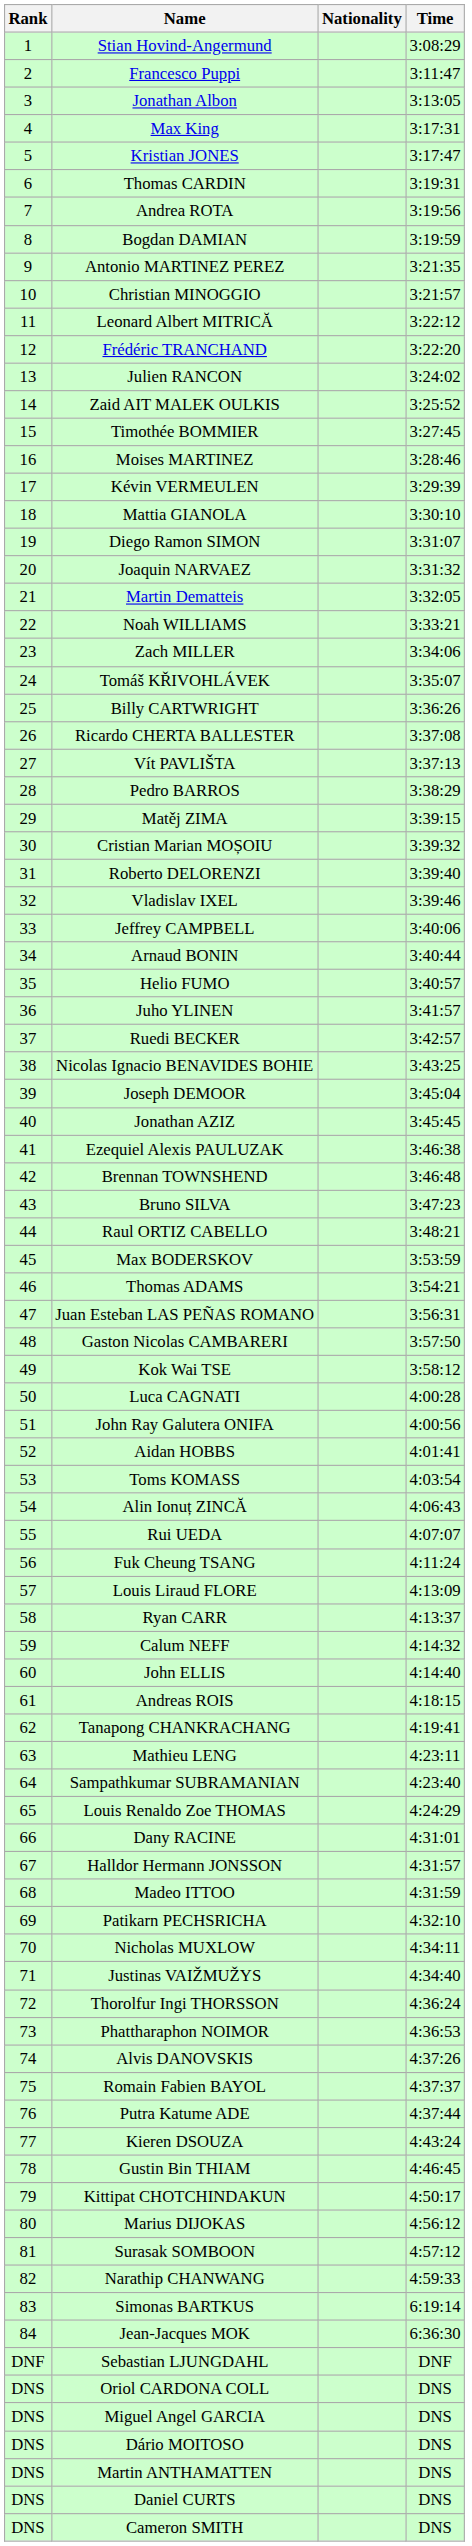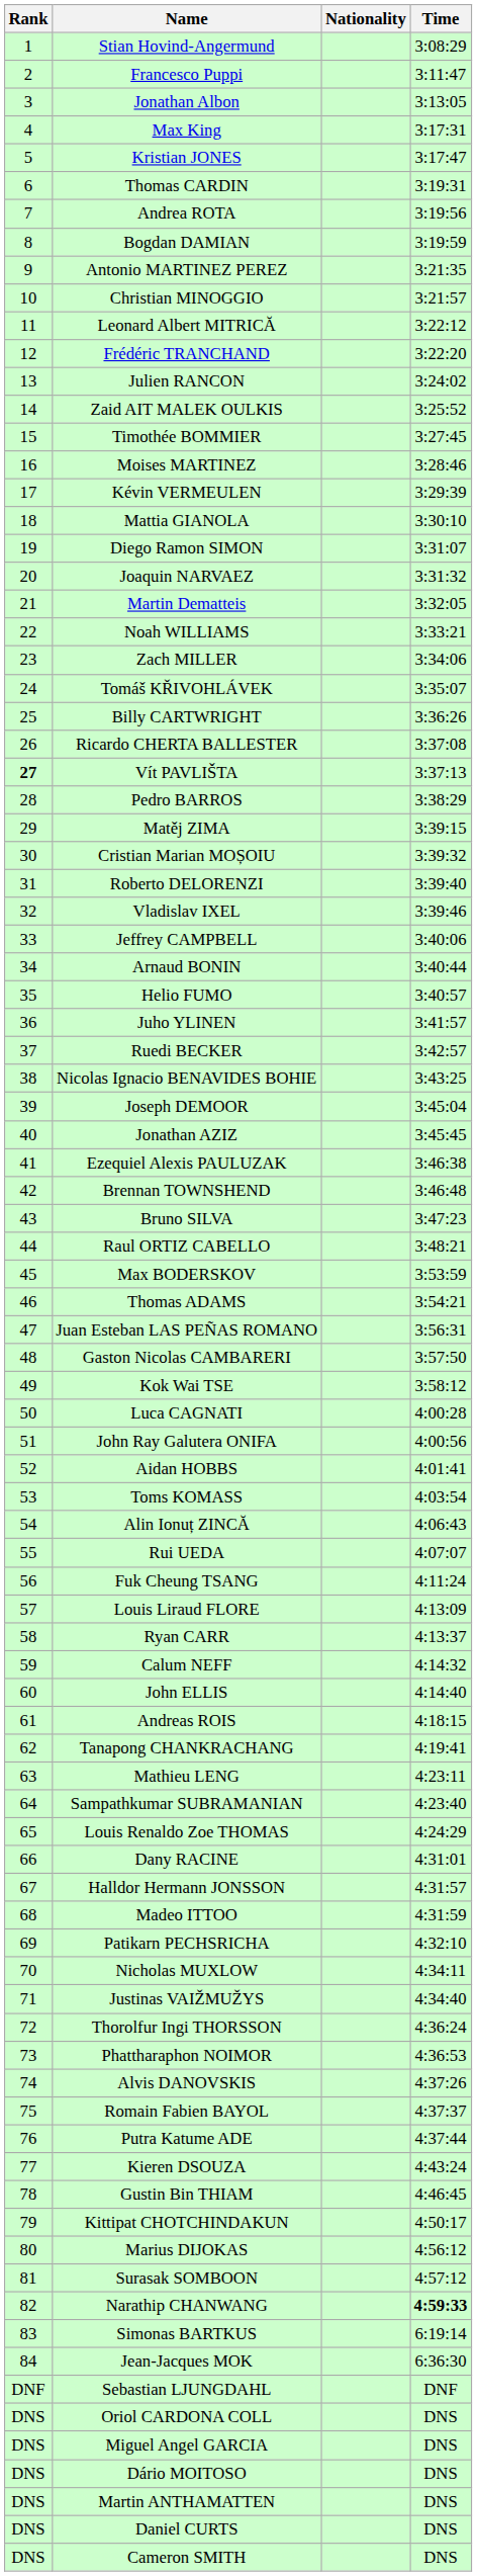 <table class="wikitable sortable" style="text-align:center;font-size:95%">
 <tr>
 <th>Rank</th>
 <th>Name</th>
 <th>Nationality</th>
 <th>Time</th>
 </tr>
 <tr bgcolor=ccffcc>
 <td>1</td>
 <td><a href='#'>Stian Hovind-Angermund</a></td>
 <td></td>
 <td>3:08:29</td>
 </tr>
 <tr bgcolor=ccffcc>
 <td>2</td>
 <td><a href='#'>Francesco Puppi</a></td>
 <td></td>
 <td>3:11:47</td>
 </tr>
 <tr bgcolor=ccffcc>
 <td>3</td>
 <td><a href='#'>Jonathan Albon</a></td>
 <td></td>
 <td>3:13:05</td>
 </tr>
 <tr bgcolor=ccffcc>
 <td>4</td>
 <td><a href='#'>Max King</a></td>
 <td></td>
 <td>3:17:31</td>
 </tr>
 <tr bgcolor=ccffcc>
 <td>5</td>
 <td><a href='#'>Kristian JONES</a></td>
 <td></td>
 <td>3:17:47</td>
 </tr>
 <tr bgcolor=ccffcc>
 <td>6</td>
 <td>Thomas CARDIN</td>
 <td></td>
 <td>3:19:31</td>
 </tr>
 <tr bgcolor=ccffcc>
 <td>7</td>
 <td>Andrea ROTA</td>
 <td></td>
 <td>3:19:56</td>
 </tr>
 <tr bgcolor=ccffcc>
 <td>8</td>
 <td>Bogdan DAMIAN</td>
 <td></td>
 <td>3:19:59</td>
 </tr>
 <tr bgcolor=ccffcc>
 <td>9</td>
 <td>Antonio MARTINEZ PEREZ</td>
 <td></td>
 <td>3:21:35</td>
 </tr>
 <tr bgcolor=ccffcc>
 <td>10</td>
 <td>Christian MINOGGIO</td>
 <td></td>
 <td>3:21:57</td>
 </tr>
 <tr bgcolor=ccffcc>
 <td>11</td>
 <td>Leonard Albert MITRICĂ</td>
 <td></td>
 <td>3:22:12</td>
 </tr>
 <tr bgcolor=ccffcc>
 <td>12</td>
 <td><a href='#'>Frédéric TRANCHAND</a></td>
 <td></td>
 <td>3:22:20</td>
 </tr>
 <tr bgcolor=ccffcc>
 <td>13</td>
 <td>Julien RANCON</td>
 <td></td>
 <td>3:24:02</td>
 </tr>
 <tr bgcolor=ccffcc>
 <td>14</td>
 <td>Zaid AIT MALEK OULKIS</td>
 <td></td>
 <td>3:25:52</td>
 </tr>
 <tr bgcolor=ccffcc>
 <td>15</td>
 <td>Timothée BOMMIER</td>
 <td></td>
 <td>3:27:45</td>
 </tr>
 <tr bgcolor=ccffcc>
 <td>16</td>
 <td>Moises MARTINEZ</td>
 <td></td>
 <td>3:28:46</td>
 </tr>
 <tr bgcolor=ccffcc>
 <td>17</td>
 <td>Kévin VERMEULEN</td>
 <td></td>
 <td>3:29:39</td>
 </tr>
 <tr bgcolor=ccffcc>
 <td>18</td>
 <td>Mattia GIANOLA</td>
 <td></td>
 <td>3:30:10</td>
 </tr>
 <tr bgcolor=ccffcc>
 <td>19</td>
 <td>Diego Ramon SIMON</td>
 <td></td>
 <td>3:31:07</td>
 </tr>
 <tr bgcolor=ccffcc>
 <td>20</td>
 <td>Joaquin NARVAEZ</td>
 <td></td>
 <td>3:31:32</td>
 </tr>
 <tr bgcolor=ccffcc>
 <td>21</td>
 <td><a href='#'>Martin Dematteis</a></td>
 <td></td>
 <td>3:32:05</td>
 </tr>
 <tr bgcolor=ccffcc>
 <td>22</td>
 <td>Noah WILLIAMS</td>
 <td></td>
 <td>3:33:21</td>
 </tr>
 <tr bgcolor=ccffcc>
 <td>23</td>
 <td>Zach MILLER</td>
 <td></td>
 <td>3:34:06</td>
 </tr>
 <tr bgcolor=ccffcc>
 <td>24</td>
 <td>Tomáš KŘIVOHLÁVEK</td>
 <td></td>
 <td>3:35:07</td>
 </tr>
 <tr bgcolor=ccffcc>
 <td>25</td>
 <td>Billy CARTWRIGHT</td>
 <td></td>
 <td>3:36:26</td>
 </tr>
 <tr bgcolor=ccffcc>
 <td>26</td>
 <td>Ricardo CHERTA BALLESTER</td>
 <td></td>
 <td>3:37:08</td>
 </tr>
 <tr bgcolor=ccffcc>
-<td>27</td>
+<td><strong>27</strong></td>
 <td>Vít PAVLIŠTA</td>
 <td></td>
 <td>3:37:13</td>
 </tr>
 <tr bgcolor=ccffcc>
 <td>28</td>
 <td>Pedro BARROS</td>
 <td></td>
 <td>3:38:29</td>
 </tr>
 <tr bgcolor=ccffcc>
 <td>29</td>
 <td>Matěj ZIMA</td>
 <td></td>
 <td>3:39:15</td>
 </tr>
 <tr bgcolor=ccffcc>
 <td>30</td>
 <td>Cristian Marian MOȘOIU</td>
 <td></td>
 <td>3:39:32</td>
 </tr>
 <tr bgcolor=ccffcc>
 <td>31</td>
 <td>Roberto DELORENZI</td>
 <td></td>
 <td>3:39:40</td>
 </tr>
 <tr bgcolor=ccffcc>
 <td>32</td>
 <td>Vladislav IXEL</td>
 <td></td>
 <td>3:39:46</td>
 </tr>
 <tr bgcolor=ccffcc>
 <td>33</td>
 <td>Jeffrey CAMPBELL</td>
 <td></td>
 <td>3:40:06</td>
 </tr>
 <tr bgcolor=ccffcc>
 <td>34</td>
 <td>Arnaud BONIN</td>
 <td></td>
 <td>3:40:44</td>
 </tr>
 <tr bgcolor=ccffcc>
 <td>35</td>
 <td>Helio FUMO</td>
 <td></td>
 <td>3:40:57</td>
 </tr>
 <tr bgcolor=ccffcc>
 <td>36</td>
 <td>Juho YLINEN</td>
 <td></td>
 <td>3:41:57</td>
 </tr>
 <tr bgcolor=ccffcc>
 <td>37</td>
 <td>Ruedi BECKER</td>
 <td></td>
 <td>3:42:57</td>
 </tr>
 <tr bgcolor=ccffcc>
 <td>38</td>
 <td>Nicolas Ignacio BENAVIDES BOHIE</td>
 <td></td>
 <td>3:43:25</td>
 </tr>
 <tr bgcolor=ccffcc>
 <td>39</td>
 <td>Joseph DEMOOR</td>
 <td></td>
 <td>3:45:04</td>
 </tr>
 <tr bgcolor=ccffcc>
 <td>40</td>
 <td>Jonathan AZIZ</td>
 <td></td>
 <td>3:45:45</td>
 </tr>
 <tr bgcolor=ccffcc>
 <td>41</td>
 <td>Ezequiel Alexis PAULUZAK</td>
 <td></td>
 <td>3:46:38</td>
 </tr>
 <tr bgcolor=ccffcc>
 <td>42</td>
 <td>Brennan TOWNSHEND</td>
 <td></td>
 <td>3:46:48</td>
 </tr>
 <tr bgcolor=ccffcc>
 <td>43</td>
 <td>Bruno SILVA</td>
 <td></td>
 <td>3:47:23</td>
 </tr>
 <tr bgcolor=ccffcc>
 <td>44</td>
 <td>Raul ORTIZ CABELLO</td>
 <td></td>
 <td>3:48:21</td>
 </tr>
 <tr bgcolor=ccffcc>
 <td>45</td>
 <td>Max BODERSKOV</td>
 <td></td>
 <td>3:53:59</td>
 </tr>
 <tr bgcolor=ccffcc>
 <td>46</td>
 <td>Thomas ADAMS</td>
 <td></td>
 <td>3:54:21</td>
 </tr>
 <tr bgcolor=ccffcc>
 <td>47</td>
 <td>Juan Esteban LAS PEÑAS ROMANO</td>
 <td></td>
 <td>3:56:31</td>
 </tr>
 <tr bgcolor=ccffcc>
 <td>48</td>
 <td>Gaston Nicolas CAMBARERI</td>
 <td></td>
 <td>3:57:50</td>
 </tr>
 <tr bgcolor=ccffcc>
 <td>49</td>
 <td>Kok Wai TSE</td>
 <td></td>
 <td>3:58:12</td>
 </tr>
 <tr bgcolor=ccffcc>
 <td>50</td>
 <td>Luca CAGNATI</td>
 <td></td>
 <td>4:00:28</td>
 </tr>
 <tr bgcolor=ccffcc>
 <td>51</td>
 <td>John Ray Galutera ONIFA</td>
 <td></td>
 <td>4:00:56</td>
 </tr>
 <tr bgcolor=ccffcc>
 <td>52</td>
 <td>Aidan HOBBS</td>
 <td></td>
 <td>4:01:41</td>
 </tr>
 <tr bgcolor=ccffcc>
 <td>53</td>
 <td>Toms KOMASS</td>
 <td></td>
 <td>4:03:54</td>
 </tr>
 <tr bgcolor=ccffcc>
 <td>54</td>
 <td>Alin Ionuț ZINCĂ</td>
 <td></td>
 <td>4:06:43</td>
 </tr>
 <tr bgcolor=ccffcc>
 <td>55</td>
 <td>Rui UEDA</td>
 <td></td>
 <td>4:07:07</td>
 </tr>
 <tr bgcolor=ccffcc>
 <td>56</td>
 <td>Fuk Cheung TSANG</td>
 <td></td>
 <td>4:11:24</td>
 </tr>
 <tr bgcolor=ccffcc>
 <td>57</td>
 <td>Louis Liraud FLORE</td>
 <td></td>
 <td>4:13:09</td>
 </tr>
 <tr bgcolor=ccffcc>
 <td>58</td>
 <td>Ryan CARR</td>
 <td></td>
 <td>4:13:37</td>
 </tr>
 <tr bgcolor=ccffcc>
 <td>59</td>
 <td>Calum NEFF</td>
 <td></td>
 <td>4:14:32</td>
 </tr>
 <tr bgcolor=ccffcc>
 <td>60</td>
 <td>John ELLIS</td>
 <td></td>
 <td>4:14:40</td>
 </tr>
 <tr bgcolor=ccffcc>
 <td>61</td>
 <td>Andreas ROIS</td>
 <td></td>
 <td>4:18:15</td>
 </tr>
 <tr bgcolor=ccffcc>
 <td>62</td>
 <td>Tanapong CHANKRACHANG</td>
 <td></td>
 <td>4:19:41</td>
 </tr>
 <tr bgcolor=ccffcc>
 <td>63</td>
 <td>Mathieu LENG</td>
 <td></td>
 <td>4:23:11</td>
 </tr>
 <tr bgcolor=ccffcc>
 <td>64</td>
 <td>Sampathkumar SUBRAMANIAN</td>
 <td></td>
 <td>4:23:40</td>
 </tr>
 <tr bgcolor=ccffcc>
 <td>65</td>
 <td>Louis Renaldo Zoe THOMAS</td>
 <td></td>
 <td>4:24:29</td>
 </tr>
 <tr bgcolor=ccffcc>
 <td>66</td>
 <td>Dany RACINE</td>
 <td></td>
 <td>4:31:01</td>
 </tr>
 <tr bgcolor=ccffcc>
 <td>67</td>
 <td>Halldor Hermann JONSSON</td>
 <td></td>
 <td>4:31:57</td>
 </tr>
 <tr bgcolor=ccffcc>
 <td>68</td>
 <td>Madeo ITTOO</td>
 <td></td>
 <td>4:31:59</td>
 </tr>
 <tr bgcolor=ccffcc>
 <td>69</td>
 <td>Patikarn PECHSRICHA</td>
 <td></td>
 <td>4:32:10</td>
 </tr>
 <tr bgcolor=ccffcc>
 <td>70</td>
 <td>Nicholas MUXLOW</td>
 <td></td>
 <td>4:34:11</td>
 </tr>
 <tr bgcolor=ccffcc>
 <td>71</td>
 <td>Justinas VAIŽMUŽYS</td>
 <td></td>
 <td>4:34:40</td>
 </tr>
 <tr bgcolor=ccffcc>
 <td>72</td>
 <td>Thorolfur Ingi THORSSON</td>
 <td></td>
 <td>4:36:24</td>
 </tr>
 <tr bgcolor=ccffcc>
 <td>73</td>
 <td>Phattharaphon NOIMOR</td>
 <td></td>
 <td>4:36:53</td>
 </tr>
 <tr bgcolor=ccffcc>
 <td>74</td>
 <td>Alvis DANOVSKIS</td>
 <td></td>
 <td>4:37:26</td>
 </tr>
 <tr bgcolor=ccffcc>
 <td>75</td>
 <td>Romain Fabien BAYOL</td>
 <td></td>
 <td>4:37:37</td>
 </tr>
 <tr bgcolor=ccffcc>
 <td>76</td>
 <td>Putra Katume ADE</td>
 <td></td>
 <td>4:37:44</td>
 </tr>
 <tr bgcolor=ccffcc>
 <td>77</td>
 <td>Kieren DSOUZA</td>
 <td></td>
 <td>4:43:24</td>
 </tr>
 <tr bgcolor=ccffcc>
 <td>78</td>
 <td>Gustin Bin THIAM</td>
 <td></td>
 <td>4:46:45</td>
 </tr>
 <tr bgcolor=ccffcc>
 <td>79</td>
 <td>Kittipat CHOTCHINDAKUN</td>
 <td></td>
 <td>4:50:17</td>
 </tr>
 <tr bgcolor=ccffcc>
 <td>80</td>
 <td>Marius DIJOKAS</td>
 <td></td>
 <td>4:56:12</td>
 </tr>
 <tr bgcolor=ccffcc>
 <td>81</td>
 <td>Surasak SOMBOON</td>
 <td></td>
 <td>4:57:12</td>
 </tr>
 <tr bgcolor=ccffcc>
 <td>82</td>
 <td>Narathip CHANWANG</td>
 <td></td>
-<td>4:59:33</td>
+<td><strong>4:59:33</strong></td>
 </tr>
 <tr bgcolor=ccffcc>
 <td>83</td>
 <td>Simonas BARTKUS</td>
 <td></td>
 <td>6:19:14</td>
 </tr>
 <tr bgcolor=ccffcc>
 <td>84</td>
 <td>Jean-Jacques MOK</td>
 <td></td>
 <td>6:36:30</td>
 </tr>
 <tr bgcolor=ccffcc>
 <td>DNF</td>
 <td>Sebastian LJUNGDAHL</td>
 <td></td>
 <td>DNF</td>
 </tr>
 <tr bgcolor=ccffcc>
 <td>DNS</td>
 <td>Oriol CARDONA COLL</td>
 <td></td>
 <td>DNS</td>
 </tr>
 <tr bgcolor=ccffcc>
 <td>DNS</td>
 <td>Miguel Angel GARCIA</td>
 <td></td>
 <td>DNS</td>
 </tr>
 <tr bgcolor=ccffcc>
 <td>DNS</td>
 <td>Dário MOITOSO</td>
 <td></td>
 <td>DNS</td>
 </tr>
 <tr bgcolor=ccffcc>
 <td>DNS</td>
 <td>Martin ANTHAMATTEN</td>
 <td></td>
 <td>DNS</td>
 </tr>
 <tr bgcolor=ccffcc>
 <td>DNS</td>
 <td>Daniel CURTS</td>
 <td></td>
 <td>DNS</td>
 </tr>
 <tr bgcolor=ccffcc>
 <td>DNS</td>
 <td>Cameron SMITH</td>
 <td></td>
 <td>DNS</td>
 </tr>
 </table>
